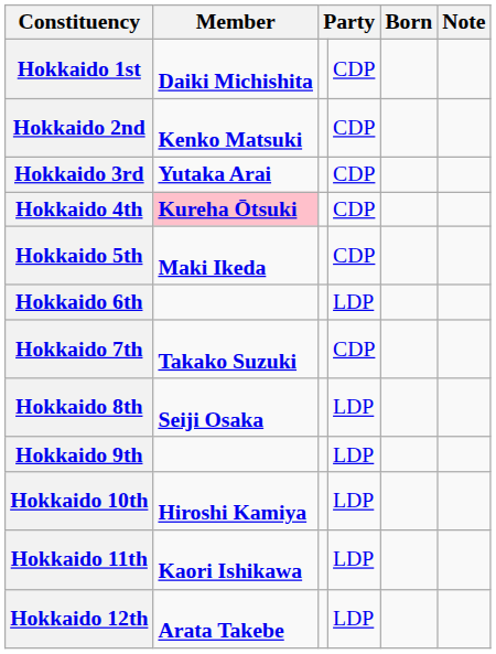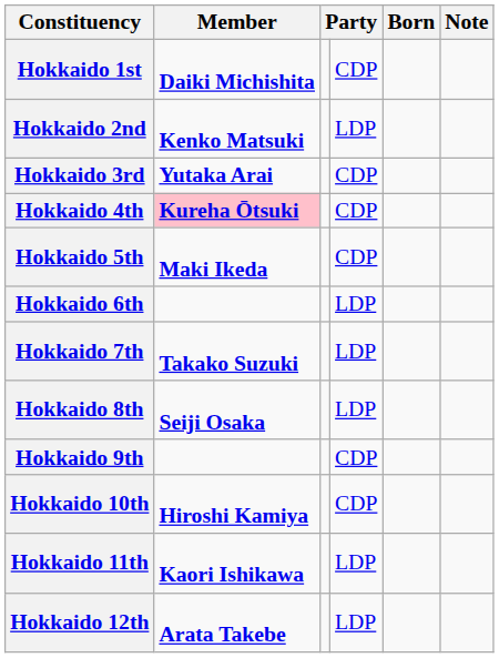 <table class="wikitable sortable plainrowheaders" id="votingmembers">
 <tr style="vertical-align:bottom">
 <th>Constituency</th>
 <th>Member</th>
 <th colspan=2>Party</th>
 <th>Born</th>
 <th class=unsortable>Note</th>
 </tr>
 <tr>
 <th><a href='#'>Hokkaido 1st</a></th>
 <td><br><strong><a href='#'>Daiki Michishita</a></strong></td>
 <td style="background-color:"></td>
 <td><a href='#'>CDP</a></td>
 <td></td>
 <td></td>
 </tr>
 <tr>
 <th><a href='#'>Hokkaido 2nd</a></th>
 <td><br><strong><a href='#'>Kenko Matsuki</a></strong></td>
 <td style="background-color:"></td>
-<td><a href='#'>CDP</a></td>
+<td><a href='#'>LDP</a></td>
 <td></td>
 <td></td>
 </tr>
 <tr>
 <th><a href='#'>Hokkaido 3rd</a></th>
 <td><strong><a href='#'>Yutaka Arai</a></strong></td>
 <td style="background-color:"></td>
 <td><a href='#'>CDP</a></td>
 <td></td>
 <td></td>
 </tr>
 <tr>
 <th><a href='#'>Hokkaido 4th</a></th>
 <td style="background: pink;"><strong><a href='#'>Kureha Ōtsuki</a></strong></td>
 <td style="background-color:"></td>
 <td><a href='#'>CDP</a></td>
 <td></td>
 <td></td>
 </tr>
 <tr>
 <th><a href='#'>Hokkaido 5th</a></th>
 <td><br><strong><a href='#'>Maki Ikeda</a></strong></td>
 <td style="background-color:"></td>
 <td><a href='#'>CDP</a></td>
 <td></td>
 <td></td>
 </tr>
 <tr>
 <th><a href='#'>Hokkaido 6th</a></th>
 <td><br><strong></strong></td>
 <td style="background-color:"></td>
 <td><a href='#'>LDP</a></td>
 <td></td>
 <td></td>
 </tr>
 <tr>
 <th><a href='#'>Hokkaido 7th</a></th>
 <td><br><strong><a href='#'>Takako Suzuki</a></strong></td>
 <td style="background-color:"></td>
-<td><a href='#'>CDP</a></td>
+<td><a href='#'>LDP</a></td>
 <td></td>
 <td></td>
 </tr>
 <tr>
 <th><a href='#'>Hokkaido 8th</a></th>
 <td><br><strong><a href='#'>Seiji Osaka</a></strong></td>
 <td style="background-color:"></td>
 <td><a href='#'>LDP</a></td>
 <td></td>
 <td></td>
 </tr>
 <tr>
 <th><a href='#'>Hokkaido 9th</a></th>
 <td><br><strong></strong></td>
 <td style="background-color:"></td>
-<td><a href='#'>LDP</a></td>
+<td><a href='#'>CDP</a></td>
 <td></td>
 <td></td>
 </tr>
 <tr>
 <th><a href='#'>Hokkaido 10th</a></th>
 <td><br><strong><a href='#'>Hiroshi Kamiya</a></strong></td>
 <td style="background-color:"></td>
-<td><a href='#'>LDP</a></td>
+<td><a href='#'>CDP</a></td>
 <td></td>
 <td></td>
 </tr>
 <tr>
 <th><a href='#'>Hokkaido 11th</a></th>
 <td><br><strong><a href='#'>Kaori Ishikawa</a></strong></td>
 <td style="background-color:"></td>
 <td><a href='#'>LDP</a></td>
 <td></td>
 <td></td>
 </tr>
 <tr>
 <th><a href='#'>Hokkaido 12th</a></th>
 <td><br><strong><a href='#'>Arata Takebe</a></strong></td>
 <td style="background-color:"></td>
 <td><a href='#'>LDP</a></td>
 <td></td>
 <td></td>
 </tr>
 </table>
